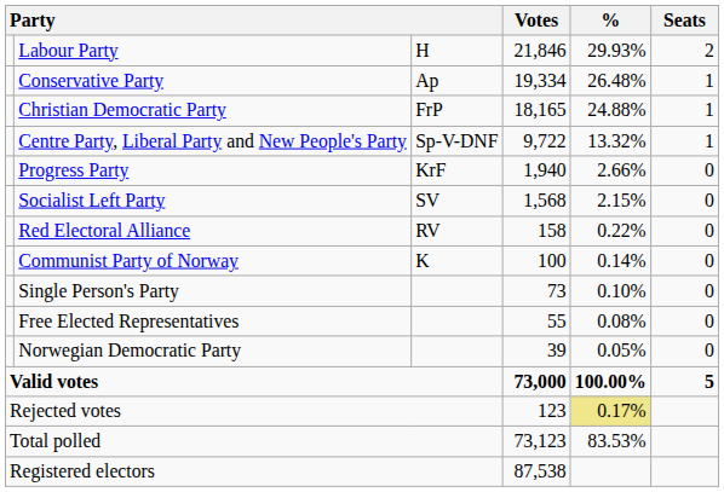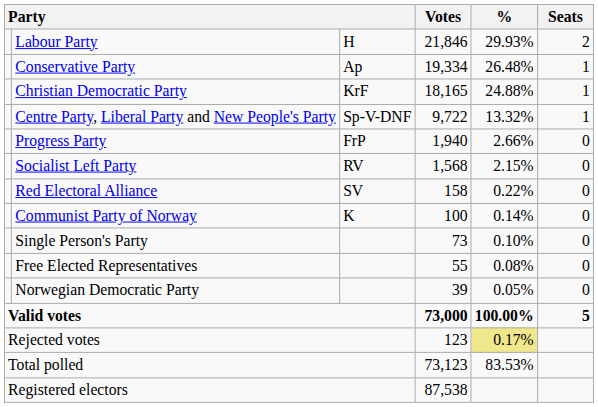 <table class="wikitable" border="1" style="text-align:right;">
 <tr>
 <th style="text-align:left;" colspan=3>Party</th>
 <th align=center width="50">Votes</th>
 <th align=center width="50">%</th>
 <th align=center width="50">Seats</th>
 </tr>
 <tr>
 <td style="color:inherit;background:"></td>
 <td align=left><a href='#'>Labour Party</a></td>
 <td align=left>H</td>
 <td>21,846</td>
 <td>29.93%</td>
 <td>2</td>
 </tr>
 <tr>
 <td style="color:inherit;background:"></td>
 <td align=left><a href='#'>Conservative Party</a></td>
 <td align=left>Ap</td>
 <td>19,334</td>
 <td>26.48%</td>
 <td>1</td>
 </tr>
 <tr>
 <td style="color:inherit;background:"></td>
 <td align=left><a href='#'>Christian Democratic Party</a></td>
-<td align=left>FrP</td>
+<td align=left>KrF</td>
 <td>18,165</td>
 <td>24.88%</td>
 <td>1</td>
 </tr>
 <tr>
 <td></td>
 <td align=left><a href='#'>Centre Party</a>, <a href='#'>Liberal Party</a> and <a href='#'>New People's Party</a></td>
 <td align=left>Sp-V-DNF</td>
 <td>9,722</td>
 <td>13.32%</td>
 <td>1</td>
 </tr>
 <tr>
 <td style="color:inherit;background:"></td>
 <td align=left><a href='#'>Progress Party</a></td>
-<td align=left>KrF</td>
+<td align=left>FrP</td>
 <td>1,940</td>
 <td>2.66%</td>
 <td>0</td>
 </tr>
 <tr>
 <td style="color:inherit;background:"></td>
 <td align=left><a href='#'>Socialist Left Party</a></td>
-<td align=left>SV</td>
+<td align=left>RV</td>
 <td>1,568</td>
 <td>2.15%</td>
 <td>0</td>
 </tr>
 <tr>
 <td style="color:inherit;background:"></td>
 <td align=left><a href='#'>Red Electoral Alliance</a></td>
-<td align=left>RV</td>
+<td align=left>SV</td>
 <td>158</td>
 <td>0.22%</td>
 <td>0</td>
 </tr>
 <tr>
 <td style="color:inherit;background:"></td>
 <td align=left><a href='#'>Communist Party of Norway</a></td>
 <td align=left>K</td>
 <td>100</td>
 <td>0.14%</td>
 <td>0</td>
 </tr>
 <tr>
 <td></td>
 <td align=left>Single Person's Party</td>
 <td align=left></td>
 <td>73</td>
 <td>0.10%</td>
 <td>0</td>
 </tr>
 <tr>
 <td></td>
 <td align=left>Free Elected Representatives</td>
 <td align=left></td>
 <td>55</td>
 <td>0.08%</td>
 <td>0</td>
 </tr>
 <tr>
 <td></td>
 <td align=left>Norwegian Democratic Party</td>
 <td align=left></td>
 <td>39</td>
 <td>0.05%</td>
 <td>0</td>
 </tr>
 <tr style="font-weight:bold">
 <td align=left colspan=3>Valid votes</td>
 <td>73,000</td>
 <td>100.00%</td>
 <td>5</td>
 </tr>
 <tr>
 <td align=left colspan=3>Rejected votes</td>
 <td>123</td>
 <td style="background: khaki;">0.17%</td>
 <td></td>
 </tr>
 <tr>
 <td align=left colspan=3>Total polled</td>
 <td>73,123</td>
 <td>83.53%</td>
 <td></td>
 </tr>
 <tr>
 <td align=left colspan=3>Registered electors</td>
 <td>87,538</td>
 <td></td>
 <td></td>
 </tr>
 </table>
